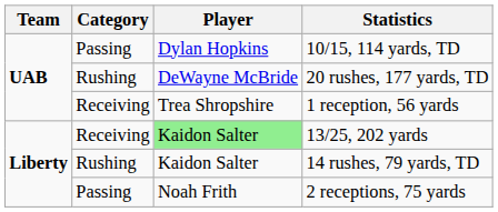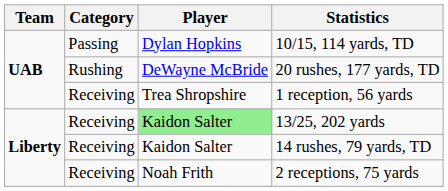 <table class="wikitable" style="float: left;">
 <tr>
 <th>Team</th>
 <th>Category</th>
 <th>Player</th>
 <th>Statistics</th>
 </tr>
 <tr>
 <td rowspan=3><strong>UAB</strong></td>
 <td>Passing</td>
 <td><a href='#'>Dylan Hopkins</a></td>
 <td>10/15, 114 yards, TD</td>
 </tr>
 <tr>
 <td>Rushing</td>
 <td><a href='#'>DeWayne McBride</a></td>
 <td>20 rushes, 177 yards, TD</td>
 </tr>
 <tr>
 <td>Receiving</td>
 <td>Trea Shropshire</td>
 <td>1 reception, 56 yards</td>
 </tr>
 <tr>
 <td rowspan=3><strong>Liberty</strong></td>
 <td>Receiving</td>
 <td style="background: lightgreen;">Kaidon Salter</td>
 <td>13/25, 202 yards</td>
 </tr>
 <tr>
-<td>Rushing</td>
+<td>Receiving</td>
 <td>Kaidon Salter</td>
 <td>14 rushes, 79 yards, TD</td>
 </tr>
 <tr>
-<td>Passing</td>
+<td>Receiving</td>
 <td>Noah Frith</td>
 <td>2 receptions, 75 yards</td>
 </tr>
 </table>
